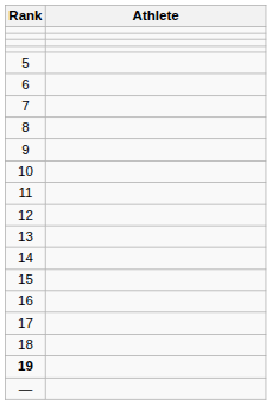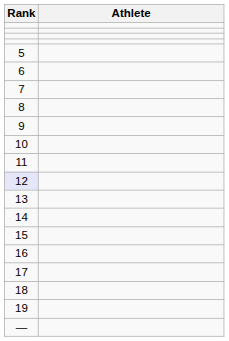 <table class="wikitable" style="text-align: center;">
 <tr>
 <th width=40>Rank</th>
 <th width=250>Athlete</th>
 </tr>
 <tr>
 <td></td>
 <td align=left></td>
 </tr>
 <tr>
 <td></td>
 <td align=left></td>
 </tr>
 <tr>
 <td></td>
 <td align=left></td>
 </tr>
 <tr>
 <td></td>
 <td align=left></td>
 </tr>
 <tr>
 <td>5</td>
 <td align=left></td>
 </tr>
 <tr>
 <td>6</td>
 <td align=left></td>
 </tr>
 <tr>
 <td>7</td>
 <td align=left></td>
 </tr>
 <tr>
 <td>8</td>
 <td align=left></td>
 </tr>
 <tr>
 <td>9</td>
 <td align=left></td>
 </tr>
 <tr>
 <td>10</td>
 <td align=left></td>
 </tr>
 <tr>
 <td>11</td>
 <td align=left></td>
 </tr>
 <tr>
-<td>12</td>
+<td style="background: lavender;">12</td>
 <td align=left></td>
 </tr>
 <tr>
 <td>13</td>
 <td align=left></td>
 </tr>
 <tr>
 <td>14</td>
 <td align=left></td>
 </tr>
 <tr>
 <td>15</td>
 <td align=left></td>
 </tr>
 <tr>
 <td>16</td>
 <td align=left></td>
 </tr>
 <tr>
 <td>17</td>
 <td align=left></td>
 </tr>
 <tr>
 <td>18</td>
 <td align=left></td>
 </tr>
 <tr>
-<td><strong>19</strong></td>
+<td>19</td>
 <td align=left></td>
 </tr>
 <tr>
 <td>—</td>
 <td align=left></td>
 </tr>
 </table>
